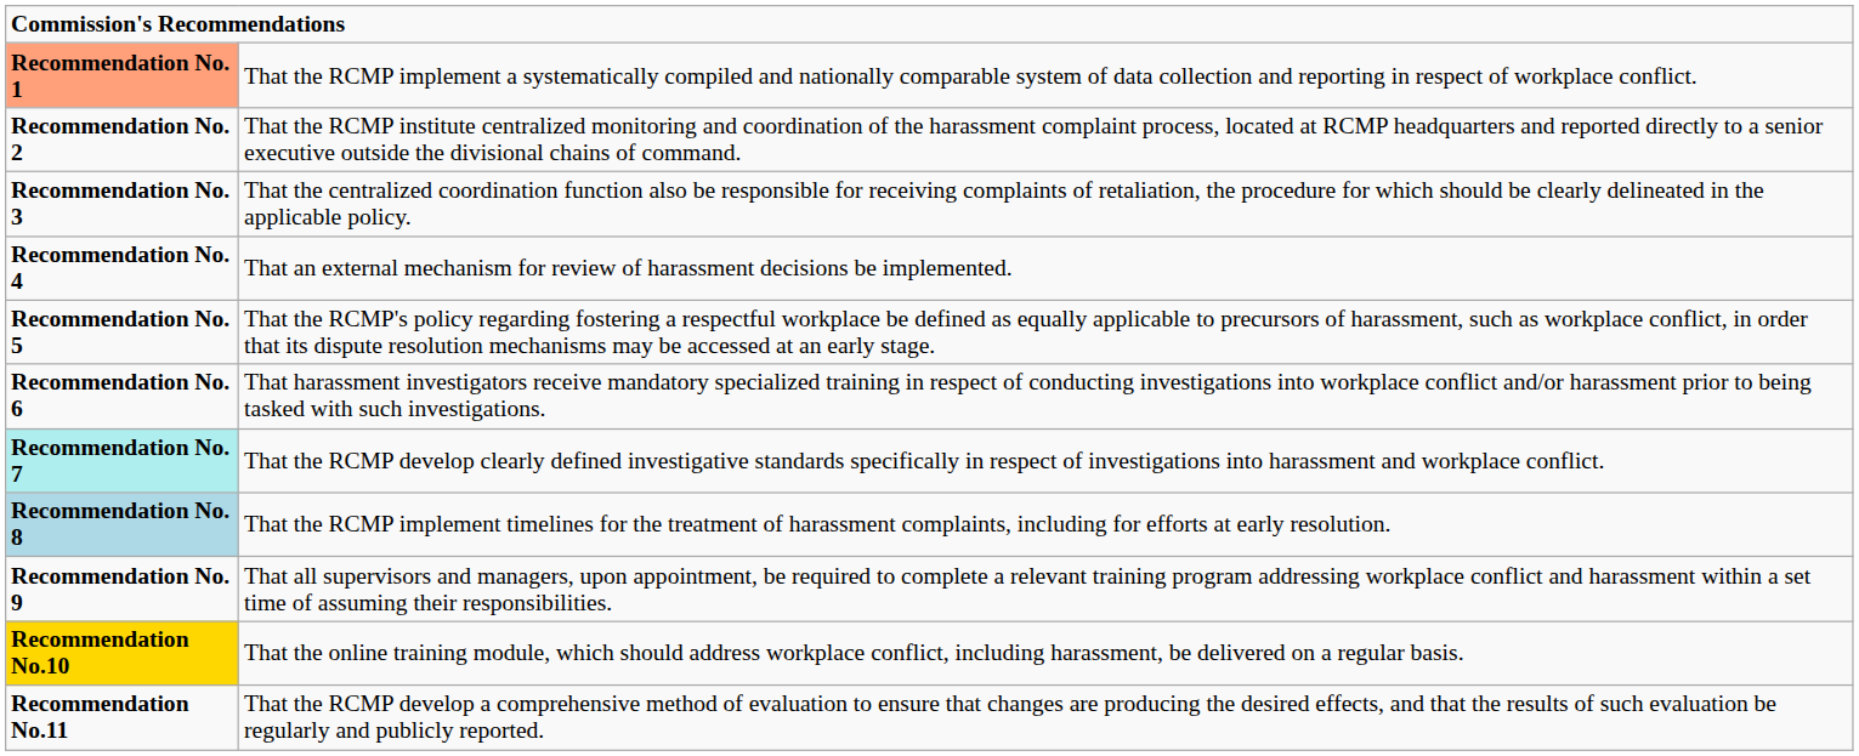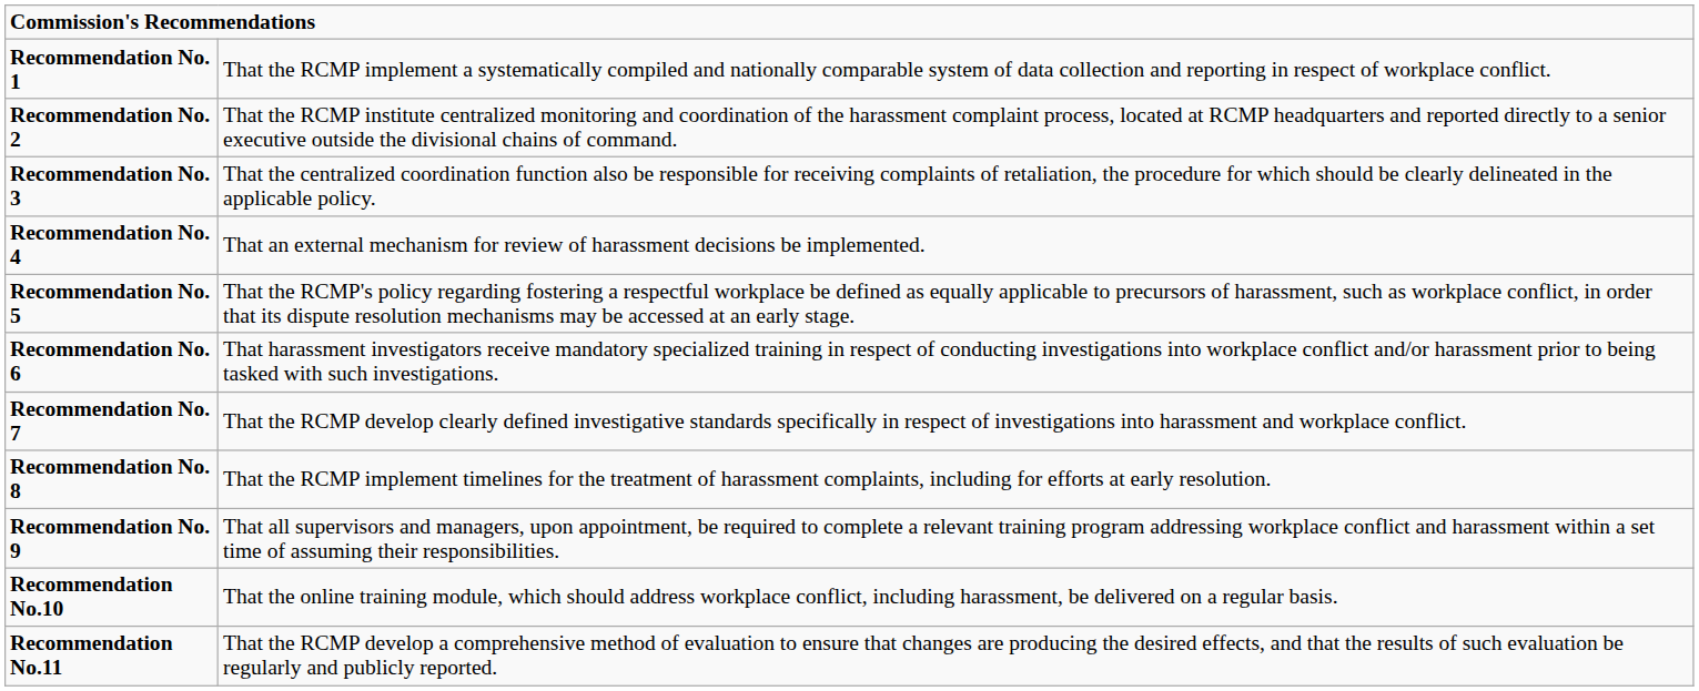 <table class="wikitable">
 <tr>
 <td colspan="2"><strong>Commission's Recommendations</strong></td>
 </tr>
 <tr>
-<td style="background: lightsalmon;"><strong>Recommendation No. 1</strong></td>
+<td><strong>Recommendation No. 1</strong></td>
 <td>That the RCMP implement a systematically compiled and nationally comparable system of data collection and reporting in respect of workplace conflict.</td>
 </tr>
 <tr>
 <td><strong>Recommendation No. 2</strong></td>
 <td>That the RCMP institute centralized monitoring and coordination of the harassment complaint process, located at RCMP headquarters and reported directly to a senior executive outside the divisional chains of command.</td>
 </tr>
 <tr>
 <td><strong>Recommendation No. 3</strong></td>
 <td>That the centralized coordination function also be responsible for receiving complaints of retaliation, the procedure for which should be clearly delineated in the applicable policy.</td>
 </tr>
 <tr>
 <td><strong>Recommendation No. 4</strong></td>
 <td>That an external mechanism for review of harassment decisions be implemented.</td>
 </tr>
 <tr>
 <td><strong>Recommendation No. 5</strong></td>
 <td>That the RCMP's policy regarding fostering a respectful workplace be defined as equally applicable to precursors of harassment, such as workplace conflict, in order that its dispute resolution mechanisms may be accessed at an early stage.</td>
 </tr>
 <tr>
 <td><strong>Recommendation No. 6</strong></td>
 <td>That harassment investigators receive mandatory specialized training in respect of conducting investigations into workplace conflict and/or harassment prior to being tasked with such investigations.</td>
 </tr>
 <tr>
-<td style="background: paleturquoise;"><strong>Recommendation No. 7</strong></td>
+<td><strong>Recommendation No. 7</strong></td>
 <td>That the RCMP develop clearly defined investigative standards specifically in respect of investigations into harassment and workplace conflict.</td>
 </tr>
 <tr>
-<td style="background: lightblue;"><strong>Recommendation No. 8</strong></td>
+<td><strong>Recommendation No. 8</strong></td>
 <td>That the RCMP implement timelines for the treatment of harassment complaints, including for efforts at early resolution.</td>
 </tr>
 <tr>
 <td><strong>Recommendation No. 9</strong></td>
 <td>That all supervisors and managers, upon appointment, be required to complete a relevant training program addressing workplace conflict and harassment within a set time of assuming their responsibilities.</td>
 </tr>
 <tr>
-<td style="background: gold;"><strong>Recommendation No.10</strong></td>
+<td><strong>Recommendation No.10</strong></td>
 <td>That the online training module, which should address workplace conflict, including harassment, be delivered on a regular basis.</td>
 </tr>
 <tr>
 <td><strong>Recommendation No.11</strong></td>
 <td>That the RCMP develop a comprehensive method of evaluation to ensure that changes are producing the desired effects, and that the results of such evaluation be regularly and publicly reported.</td>
 </tr>
 </table>
